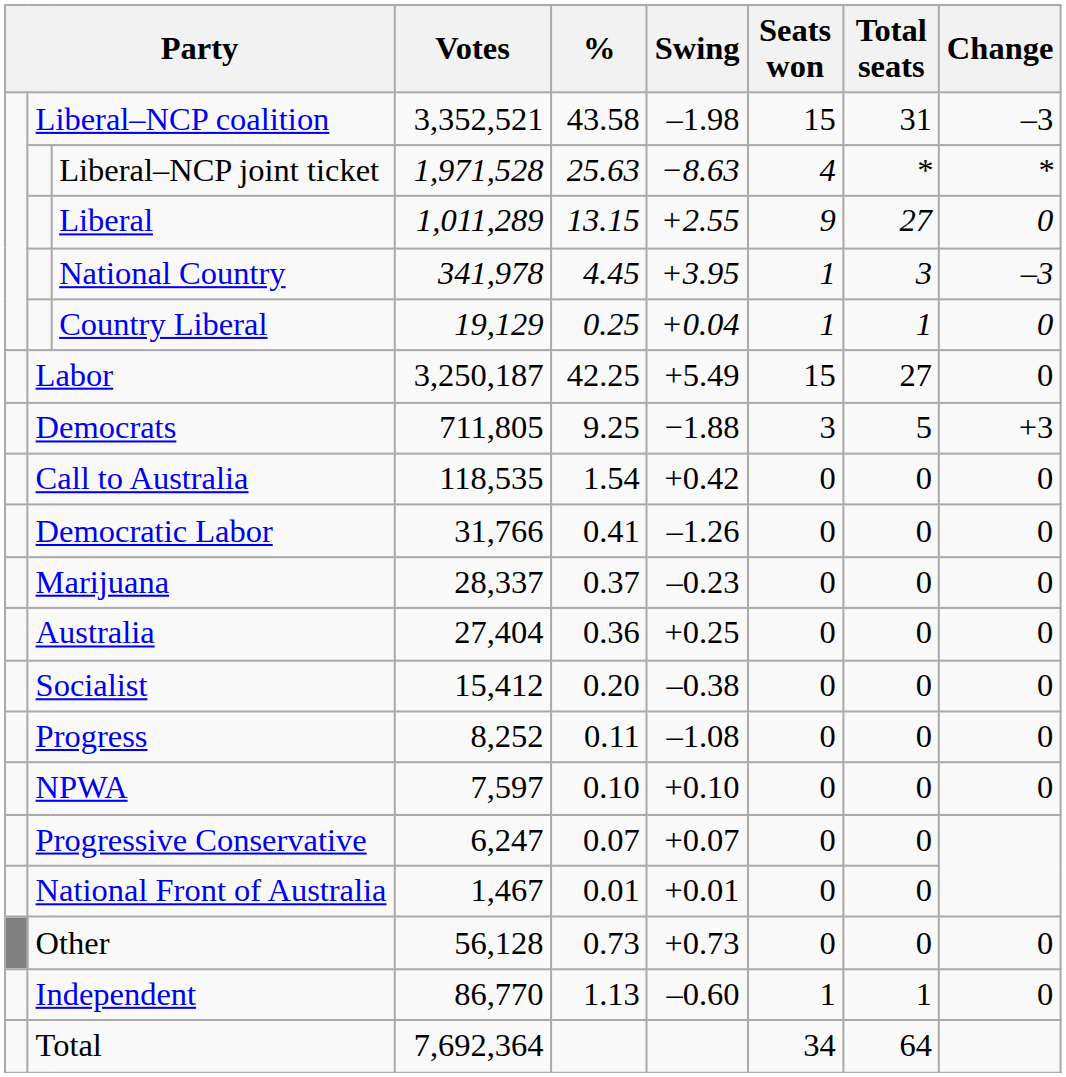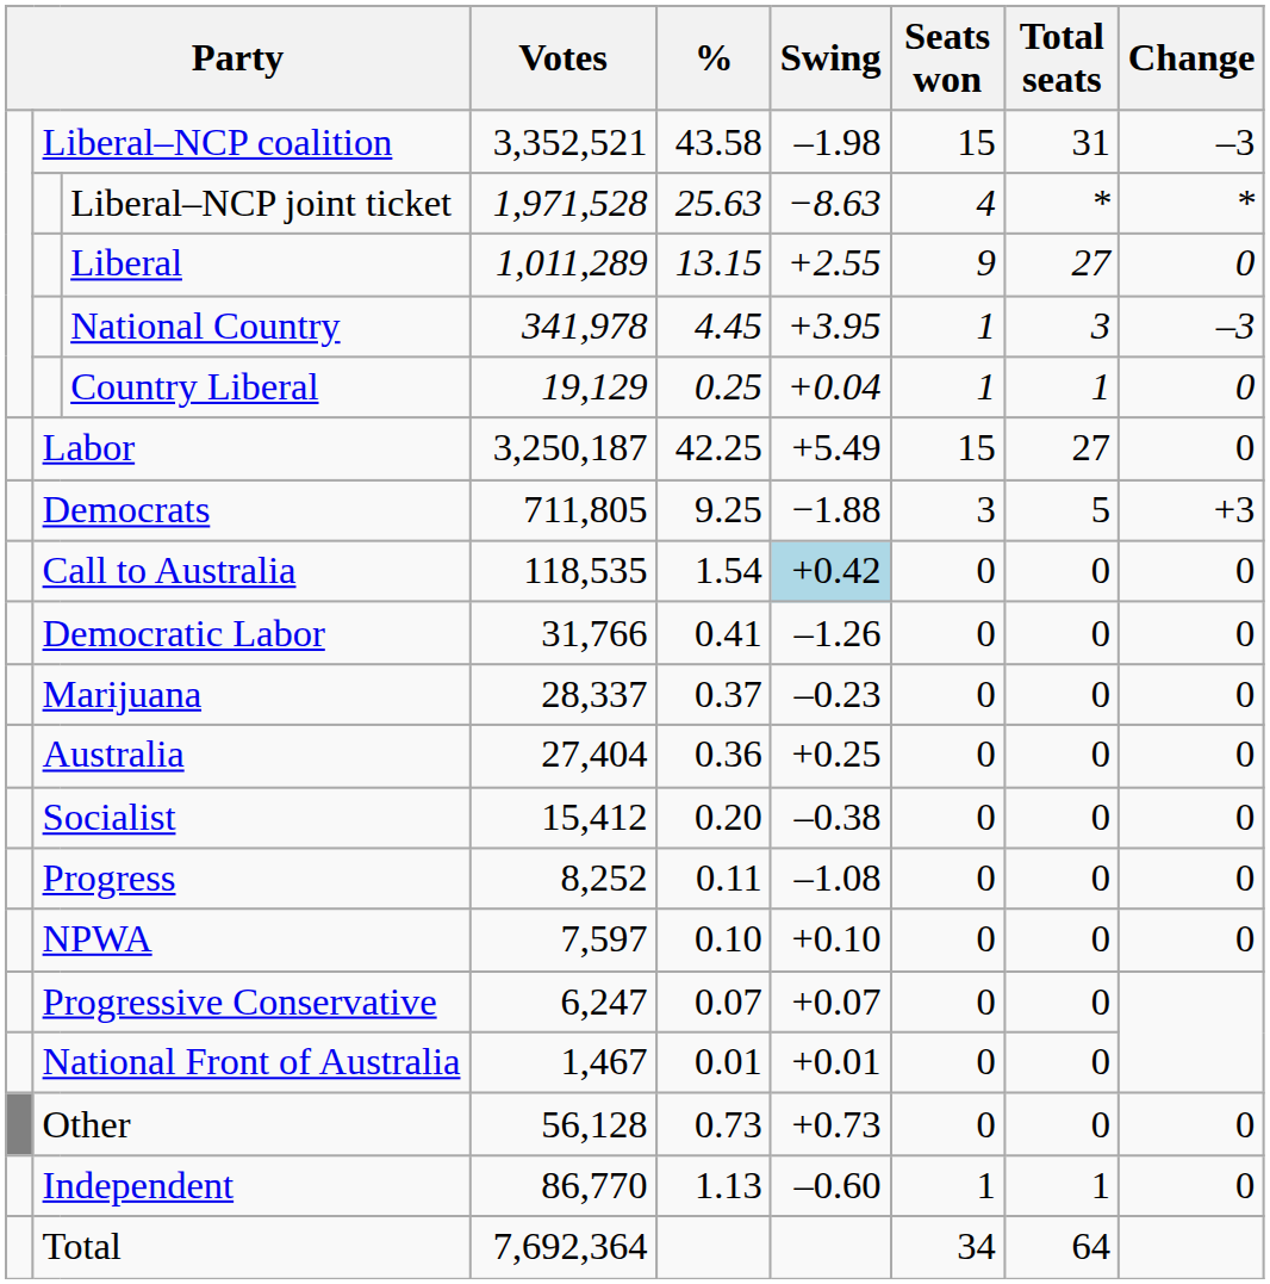 <table class="wikitable">
 <tr>
 <th colspan=3 style="width:180px">Party</th>
 <th style="width:70px;">Votes</th>
 <th style="width:40px;">%</th>
 <th style="width:40px;">Swing</th>
 <th style="width:40px;">Seats won</th>
 <th style="width:40px;">Total seats</th>
 <th style="width:40px;">Change</th>
 </tr>
 <tr>
 <td rowspan=5> </td>
 <td colspan=2><a href='#'>Liberal–NCP coalition</a></td>
 <td align=right>3,352,521</td>
 <td align=right>43.58</td>
 <td align=right>–1.98</td>
 <td align=right>15</td>
 <td align=right>31</td>
 <td align=right>–3</td>
 </tr>
 <tr>
 <td> </td>
 <td>Liberal–NCP joint ticket</td>
 <td align=right><em>1,971,528</em></td>
 <td align=right><em>25.63</em></td>
 <td align=right><em>−8.63</em></td>
 <td align=right><em>4</em></td>
 <td align=right><em>*</em></td>
 <td align=right><em>*</em></td>
 </tr>
 <tr>
 <td> </td>
 <td><a href='#'>Liberal</a></td>
 <td align=right><em>1,011,289</em></td>
 <td align=right><em>13.15</em></td>
 <td align=right><em>+2.55</em></td>
 <td align=right><em>9</em></td>
 <td align=right><em>27</em></td>
 <td align=right><em>0</em></td>
 </tr>
 <tr>
 <td> </td>
 <td><a href='#'>National Country</a></td>
 <td align=right><em>341,978</em></td>
 <td align=right><em>4.45</em></td>
 <td align=right><em>+3.95</em></td>
 <td align=right><em>1</em></td>
 <td align=right><em>3</em></td>
 <td align=right><em>–3</em></td>
 </tr>
 <tr>
 <td> </td>
 <td><a href='#'>Country Liberal</a></td>
 <td align=right><em>19,129</em></td>
 <td align=right><em>0.25</em></td>
 <td align=right><em>+0.04</em></td>
 <td align=right><em>1</em></td>
 <td align=right><em>1</em></td>
 <td align=right><em>0</em></td>
 </tr>
 <tr>
 <td> </td>
 <td colspan=2><a href='#'>Labor</a></td>
 <td align=right>3,250,187</td>
 <td align=right>42.25</td>
 <td align=right>+5.49</td>
 <td align=right>15</td>
 <td align=right>27</td>
 <td align=right>0</td>
 </tr>
 <tr>
 <td> </td>
 <td colspan=2><a href='#'>Democrats</a></td>
 <td align=right>711,805</td>
 <td align=right>9.25</td>
 <td align=right>−1.88</td>
 <td align=right>3</td>
 <td align=right>5</td>
 <td align=right>+3</td>
 </tr>
 <tr>
 <td> </td>
 <td colspan=2><a href='#'>Call to Australia</a></td>
 <td align=right>118,535</td>
 <td align=right>1.54</td>
-<td align=right>+0.42</td>
+<td align=right style="background: lightblue;">+0.42</td>
 <td align=right>0</td>
 <td align=right>0</td>
 <td align=right>0</td>
 </tr>
 <tr>
 <td> </td>
 <td colspan=2><a href='#'>Democratic Labor</a></td>
 <td align=right>31,766</td>
 <td align=right>0.41</td>
 <td align=right>–1.26</td>
 <td align=right>0</td>
 <td align=right>0</td>
 <td align=right>0</td>
 </tr>
 <tr>
 <td> </td>
 <td colspan=2><a href='#'>Marijuana</a></td>
 <td align=right>28,337</td>
 <td align=right>0.37</td>
 <td align=right>–0.23</td>
 <td align=right>0</td>
 <td align=right>0</td>
 <td align=right>0</td>
 </tr>
 <tr>
 <td> </td>
 <td colspan=2><a href='#'>Australia</a></td>
 <td align=right>27,404</td>
 <td align=right>0.36</td>
 <td align=right>+0.25</td>
 <td align=right>0</td>
 <td align=right>0</td>
 <td align=right>0</td>
 </tr>
 <tr>
 <td> </td>
 <td colspan=2><a href='#'>Socialist</a></td>
 <td align=right>15,412</td>
 <td align=right>0.20</td>
 <td align=right>–0.38</td>
 <td align=right>0</td>
 <td align=right>0</td>
 <td align=right>0</td>
 </tr>
 <tr>
 <td> </td>
 <td colspan=2><a href='#'>Progress</a></td>
 <td align=right>8,252</td>
 <td align=right>0.11</td>
 <td align=right>–1.08</td>
 <td align=right>0</td>
 <td align=right>0</td>
 <td align=right>0</td>
 </tr>
 <tr>
 <td> </td>
 <td colspan=2><a href='#'>NPWA</a></td>
 <td align=right>7,597</td>
 <td align=right>0.10</td>
 <td align=right>+0.10</td>
 <td align=right>0</td>
 <td align=right>0</td>
 <td align=right>0</td>
 </tr>
 <tr>
 <td> </td>
 <td colspan=2><a href='#'>Progressive Conservative</a></td>
 <td align=right>6,247</td>
 <td align=right>0.07</td>
 <td align=right>+0.07</td>
 <td align=right>0</td>
 <td align=right>0</td>
 </tr>
 <tr>
 <td> </td>
 <td colspan=2><a href='#'>National Front of Australia</a></td>
 <td align=right>1,467</td>
 <td align=right>0.01</td>
 <td align=right>+0.01</td>
 <td align=right>0</td>
 <td align=right>0</td>
 </tr>
 <tr>
 <td style="background:gray;"> </td>
 <td colspan=2>Other</td>
 <td align=right>56,128</td>
 <td align=right>0.73</td>
 <td align=right>+0.73</td>
 <td align=right>0</td>
 <td align=right>0</td>
 <td align=right>0</td>
 </tr>
 <tr>
 <td> </td>
 <td colspan=2><a href='#'>Independent</a></td>
 <td align=right>86,770</td>
 <td align=right>1.13</td>
 <td align=right>–0.60</td>
 <td align=right>1</td>
 <td align=right>1</td>
 <td align=right>0</td>
 </tr>
 <tr>
 <td> </td>
 <td colspan=2>Total</td>
 <td align=right>7,692,364</td>
 <td align=right> </td>
 <td align=right> </td>
 <td align=right>34</td>
 <td align=right>64</td>
 <td align=right></td>
 </tr>
 </table>
